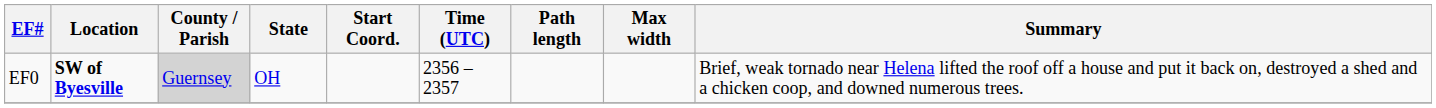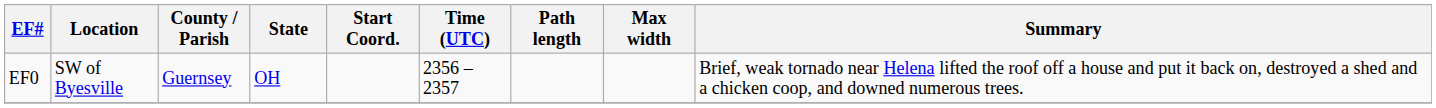 <table class="wikitable sortable" style="width:100%;">
 <tr>
 <th scope="col" width="3%" align="center"><a href='#'>EF#</a></th>
 <th scope="col" width="7%" align="center" class="unsortable">Location</th>
 <th scope="col" width="6%" align="center" class="unsortable">County / Parish</th>
 <th scope="col" width="5%" align="center">State</th>
 <th scope="col" width="6%" align="center">Start Coord.</th>
 <th scope="col" width="6%" align="center">Time (<a href='#'>UTC</a>)</th>
 <th scope="col" width="6%" align="center">Path length</th>
 <th scope="col" width="6%" align="center">Max width</th>
 <th scope="col" width="48%" class="unsortable" align="center">Summary</th>
 </tr>
 <tr>
 <td>EF0</td>
-<td><strong>SW of <a href='#'>Byesville</a></strong></td>
-<td style="background: lightgrey;"><a href='#'>Guernsey</a></td>
+<td>SW of <a href='#'>Byesville</a></td>
+<td><a href='#'>Guernsey</a></td>
 <td><a href='#'>OH</a></td>
 <td></td>
 <td>2356 – 2357</td>
 <td></td>
 <td></td>
 <td>Brief, weak tornado near <a href='#'>Helena</a> lifted the roof off a house and put it back on, destroyed a shed and a chicken coop, and downed numerous trees.</td>
 </tr>
 <tr>
 </tr>
 </table>
